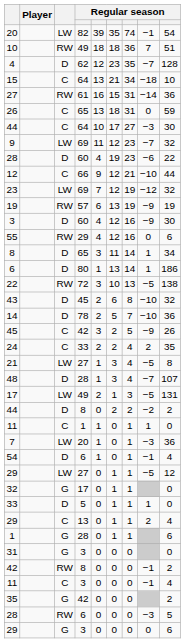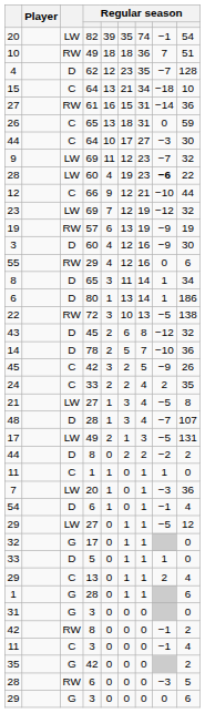 <table class="wikitable sortable plainrowheaders" style="text-align:center;">
 <tr>
 <th scope="col" data-sort-type="number" rowspan="2"></th>
 <th scope="col" rowspan="2">Player</th>
 <th scope="col" rowspan="2"></th>
 <th scope=colgroup colspan=6>Regular season</th>
 </tr>
 <tr>
 <th scope="col" data-sort-type="number"></th>
 <th scope="col" data-sort-type="number"></th>
 <th scope="col" data-sort-type="number"></th>
 <th scope="col" data-sort-type="number"></th>
 <th scope="col" data-sort-type="number"></th>
 <th scope="col" data-sort-type="number"></th>
 </tr>
 <tr>
 <td scope="row">20</td>
 <td align="left"></td>
 <td>LW</td>
 <td>82</td>
 <td>39</td>
 <td>35</td>
 <td>74</td>
 <td>−1</td>
 <td>54</td>
 </tr>
 <tr>
 <td scope="row">10</td>
 <td align="left"></td>
 <td>RW</td>
 <td>49</td>
 <td>18</td>
 <td>18</td>
 <td>36</td>
 <td>7</td>
 <td>51</td>
 </tr>
 <tr>
 <td scope="row">4</td>
 <td align="left"></td>
 <td>D</td>
 <td>62</td>
 <td>12</td>
 <td>23</td>
 <td>35</td>
 <td>−7</td>
 <td>128</td>
 </tr>
 <tr>
 <td scope="row">15</td>
 <td align="left"></td>
 <td>C</td>
 <td>64</td>
 <td>13</td>
 <td>21</td>
 <td>34</td>
 <td>−18</td>
 <td>10</td>
 </tr>
 <tr>
 <td scope="row">27</td>
 <td align="left"></td>
 <td>RW</td>
 <td>61</td>
 <td>16</td>
 <td>15</td>
 <td>31</td>
 <td>−14</td>
 <td>36</td>
 </tr>
 <tr>
 <td scope="row">26</td>
 <td align="left"></td>
 <td>C</td>
 <td>65</td>
 <td>13</td>
 <td>18</td>
 <td>31</td>
 <td>0</td>
 <td>59</td>
 </tr>
 <tr>
 <td scope="row">44</td>
 <td align="left"></td>
 <td>C</td>
 <td>64</td>
 <td>10</td>
 <td>17</td>
 <td>27</td>
 <td>−3</td>
 <td>30</td>
 </tr>
 <tr>
 <td scope="row">9</td>
 <td align="left"></td>
 <td>LW</td>
 <td>69</td>
 <td>11</td>
 <td>12</td>
 <td>23</td>
 <td>−7</td>
 <td>32</td>
 </tr>
 <tr>
 <td scope="row">28</td>
 <td align="left"></td>
-<td>D</td>
+<td>LW</td>
 <td>60</td>
 <td>4</td>
 <td>19</td>
 <td>23</td>
-<td>−6</td>
+<td><strong>−6</strong></td>
 <td>22</td>
 </tr>
 <tr>
 <td scope="row">12</td>
 <td align="left"></td>
 <td>C</td>
 <td>66</td>
 <td>9</td>
 <td>12</td>
 <td>21</td>
 <td>−10</td>
 <td>44</td>
 </tr>
 <tr>
 <td scope="row">23</td>
 <td align="left"></td>
 <td>LW</td>
 <td>69</td>
 <td>7</td>
 <td>12</td>
 <td>19</td>
 <td>−12</td>
 <td>32</td>
 </tr>
 <tr>
 <td scope="row">19</td>
 <td align="left"></td>
 <td>RW</td>
 <td>57</td>
 <td>6</td>
 <td>13</td>
 <td>19</td>
 <td>−9</td>
 <td>19</td>
 </tr>
 <tr>
 <td scope="row">3</td>
 <td align="left"></td>
 <td>D</td>
 <td>60</td>
 <td>4</td>
 <td>12</td>
 <td>16</td>
 <td>−9</td>
 <td>30</td>
 </tr>
 <tr>
 <td scope="row">55</td>
 <td align="left"></td>
 <td>RW</td>
 <td>29</td>
 <td>4</td>
 <td>12</td>
 <td>16</td>
 <td>0</td>
 <td>6</td>
 </tr>
 <tr>
 <td scope="row">8</td>
 <td align="left"></td>
 <td>D</td>
 <td>65</td>
 <td>3</td>
 <td>11</td>
 <td>14</td>
 <td>1</td>
 <td>34</td>
 </tr>
 <tr>
 <td scope="row">6</td>
 <td align="left"></td>
 <td>D</td>
 <td>80</td>
 <td>1</td>
 <td>13</td>
 <td>14</td>
 <td>1</td>
 <td>186</td>
 </tr>
 <tr>
 <td scope="row">22</td>
 <td align="left"></td>
 <td>RW</td>
 <td>72</td>
 <td>3</td>
 <td>10</td>
 <td>13</td>
 <td>−5</td>
 <td>138</td>
 </tr>
 <tr>
 <td scope="row">43</td>
 <td align="left"></td>
 <td>D</td>
 <td>45</td>
 <td>2</td>
 <td>6</td>
 <td>8</td>
-<td>−10</td>
+<td>−12</td>
 <td>32</td>
 </tr>
 <tr>
 <td scope="row">14</td>
 <td align="left"></td>
 <td>D</td>
 <td>78</td>
 <td>2</td>
 <td>5</td>
 <td>7</td>
 <td>−10</td>
 <td>36</td>
 </tr>
 <tr>
 <td scope="row">45</td>
 <td align="left"></td>
 <td>C</td>
 <td>42</td>
 <td>3</td>
 <td>2</td>
 <td>5</td>
 <td>−9</td>
 <td>26</td>
 </tr>
 <tr>
 <td scope="row">24</td>
 <td align="left"></td>
 <td>C</td>
 <td>33</td>
 <td>2</td>
 <td>2</td>
 <td>4</td>
 <td>2</td>
 <td>35</td>
 </tr>
 <tr>
 <td scope="row">21</td>
 <td align="left"></td>
 <td>LW</td>
 <td>27</td>
 <td>1</td>
 <td>3</td>
 <td>4</td>
 <td>−5</td>
 <td>8</td>
 </tr>
 <tr>
 <td scope="row">48</td>
 <td align="left"></td>
 <td>D</td>
 <td>28</td>
 <td>1</td>
 <td>3</td>
 <td>4</td>
 <td>−7</td>
 <td>107</td>
 </tr>
 <tr>
 <td scope="row">17</td>
 <td align="left"></td>
 <td>LW</td>
 <td>49</td>
 <td>2</td>
 <td>1</td>
 <td>3</td>
 <td>−5</td>
 <td>131</td>
 </tr>
 <tr>
 <td scope="row">44</td>
 <td align="left"></td>
 <td>D</td>
 <td>8</td>
 <td>0</td>
 <td>2</td>
 <td>2</td>
 <td>−2</td>
 <td>2</td>
 </tr>
 <tr>
 <td scope="row">11</td>
 <td align="left"></td>
 <td>C</td>
 <td>1</td>
 <td>1</td>
 <td>0</td>
 <td>1</td>
 <td>1</td>
 <td>0</td>
 </tr>
 <tr>
 <td scope="row">7</td>
 <td align="left"></td>
 <td>LW</td>
 <td>20</td>
 <td>1</td>
 <td>0</td>
 <td>1</td>
 <td>−3</td>
 <td>36</td>
 </tr>
 <tr>
 <td scope="row">54</td>
 <td align="left"></td>
 <td>D</td>
 <td>6</td>
 <td>1</td>
 <td>0</td>
 <td>1</td>
 <td>−1</td>
 <td>4</td>
 </tr>
 <tr>
 <td scope="row">29</td>
 <td align="left"></td>
 <td>LW</td>
 <td>27</td>
 <td>0</td>
 <td>1</td>
 <td>1</td>
 <td>−5</td>
 <td>12</td>
 </tr>
 <tr>
 <td scope="row">32</td>
 <td align="left"></td>
 <td>G</td>
 <td>17</td>
 <td>0</td>
 <td>1</td>
 <td>1</td>
 <td style="background:#ccc"></td>
 <td>0</td>
 </tr>
 <tr>
 <td scope="row">33</td>
 <td align="left"></td>
 <td>D</td>
 <td>5</td>
 <td>0</td>
 <td>1</td>
 <td>1</td>
 <td>1</td>
 <td>0</td>
 </tr>
 <tr>
 <td scope="row">29</td>
 <td align="left"></td>
 <td>C</td>
 <td>13</td>
 <td>0</td>
 <td>1</td>
 <td>1</td>
 <td>2</td>
 <td>4</td>
 </tr>
 <tr>
 <td scope="row">1</td>
 <td align="left"></td>
 <td>G</td>
 <td>28</td>
 <td>0</td>
 <td>1</td>
 <td>1</td>
 <td style="background:#ccc"></td>
 <td>6</td>
 </tr>
 <tr>
 <td scope="row">31</td>
 <td align="left"></td>
 <td>G</td>
 <td>3</td>
 <td>0</td>
 <td>0</td>
 <td>0</td>
 <td style="background:#ccc"></td>
 <td>0</td>
 </tr>
 <tr>
 <td scope="row">42</td>
 <td align="left"></td>
 <td>RW</td>
 <td>8</td>
 <td>0</td>
 <td>0</td>
 <td>0</td>
 <td>−1</td>
 <td>2</td>
 </tr>
 <tr>
 <td scope="row">11</td>
 <td align="left"></td>
 <td>C</td>
 <td>3</td>
 <td>0</td>
 <td>0</td>
 <td>0</td>
 <td>−1</td>
 <td>4</td>
 </tr>
 <tr>
 <td scope="row">35</td>
 <td align="left"></td>
 <td>G</td>
 <td>42</td>
 <td>0</td>
 <td>0</td>
 <td>0</td>
 <td style="background:#ccc"></td>
 <td>2</td>
 </tr>
 <tr>
 <td scope="row">28</td>
 <td align="left"></td>
 <td>RW</td>
 <td>6</td>
 <td>0</td>
 <td>0</td>
 <td>0</td>
 <td>−3</td>
 <td>5</td>
 </tr>
 <tr>
 <td scope="row">29</td>
 <td align="left"></td>
 <td>G</td>
 <td>3</td>
 <td>0</td>
 <td>0</td>
 <td>0</td>
 <td>0</td>
 <td>6</td>
 </tr>
 </table>
